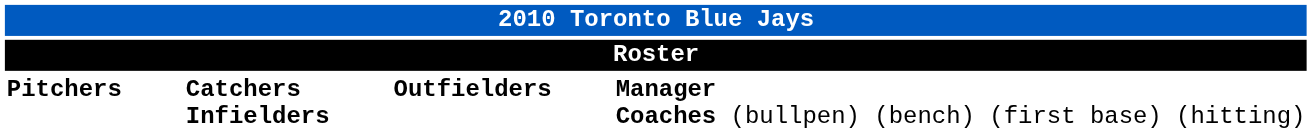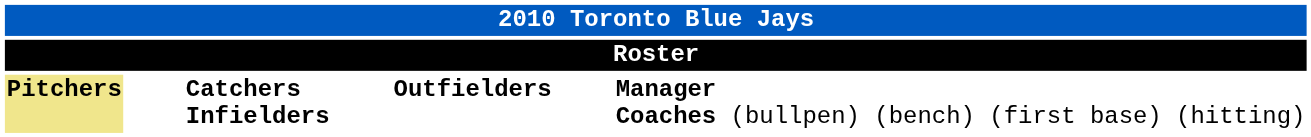 <table class="toccolours" style="font-size: 95%;">
 <tr http://upload.wikimedia.org/wikipedia/en/c/c8/Button_redirect.png>
 <th colspan="10" style="background-color: #005ac0; color: #FFFFFF; text-align: center;">2010 Toronto Blue Jays</th>
 </tr>
 <tr>
 <td colspan="10" style="background-color: black; color: white; text-align: center;"><strong>Roster</strong></td>
 </tr>
 <tr>
-<td valign="top"><strong>Pitchers</strong><br>                       </td>
+<td valign="top" style="background: khaki;"><strong>Pitchers</strong><br>                       </td>
 <td width="25px"></td>
 <td valign="top"><strong>Catchers</strong><br>   <strong>Infielders</strong>          </td>
 <td width="25px"></td>
 <td valign="top"><strong>Outfielders</strong><br>      </td>
 <td width="25px"></td>
 <td valign="top"><strong>Manager</strong><br> <strong>Coaches</strong>   (bullpen)  (bench)  (first base)  (hitting) </td>
 </tr>
 </table>
